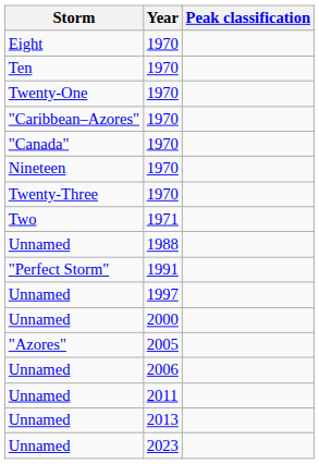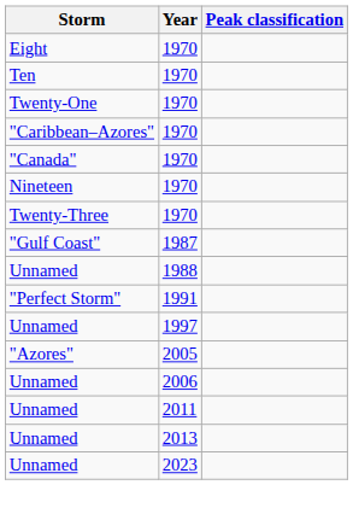 <table class="wikitable" style="display: inline-table; margin-right: 33px;">
 <tr>
 <th>Storm</th>
 <th>Year</th>
 <th><a href='#'>Peak classification</a></th>
 </tr>
 <tr>
 <td><a href='#'>Eight</a></td>
 <td><a href='#'>1970</a></td>
 <td></td>
 </tr>
 <tr>
 <td><a href='#'>Ten</a></td>
 <td><a href='#'>1970</a></td>
 <td></td>
 </tr>
 <tr>
 <td><a href='#'>Twenty-One</a></td>
 <td><a href='#'>1970</a></td>
 <td></td>
 </tr>
 <tr>
 <td><a href='#'>"Caribbean–Azores"</a></td>
 <td><a href='#'>1970</a></td>
 <td></td>
 </tr>
 <tr>
 <td><a href='#'>"Canada"</a></td>
 <td><a href='#'>1970</a></td>
 <td></td>
 </tr>
 <tr>
 <td><a href='#'>Nineteen</a></td>
 <td><a href='#'>1970</a></td>
 <td></td>
 </tr>
 <tr>
 <td><a href='#'>Twenty-Three</a></td>
 <td><a href='#'>1970</a></td>
 <td></td>
 </tr>
 <tr>
-<td><a href='#'>Two</a></td>
-<td><a href='#'>1971</a></td>
+<td><a href='#'>"Gulf Coast"</a></td>
+<td><a href='#'>1987</a></td>
 <td></td>
 </tr>
 <tr>
 <td><a href='#'>Unnamed</a></td>
 <td><a href='#'>1988</a></td>
 <td></td>
 </tr>
 <tr>
 <td><a href='#'>"Perfect Storm"</a></td>
 <td><a href='#'>1991</a></td>
 <td></td>
 </tr>
 <tr>
 <td><a href='#'>Unnamed</a></td>
 <td><a href='#'>1997</a></td>
-<td></td>
-</tr>
-<tr>
-<td><a href='#'>Unnamed</a></td>
-<td><a href='#'>2000</a></td>
 <td></td>
 </tr>
 <tr>
 <td><a href='#'>"Azores"</a></td>
 <td><a href='#'>2005</a></td>
 <td></td>
 </tr>
 <tr>
 <td><a href='#'>Unnamed</a></td>
 <td><a href='#'>2006</a></td>
 <td></td>
 </tr>
 <tr>
 <td><a href='#'>Unnamed</a></td>
 <td><a href='#'>2011</a></td>
 <td></td>
 </tr>
 <tr>
 <td><a href='#'>Unnamed</a></td>
 <td><a href='#'>2013</a></td>
 <td></td>
 </tr>
 <tr>
 <td><a href='#'>Unnamed</a></td>
 <td><a href='#'>2023</a></td>
 <td></td>
 </tr>
 </table>
